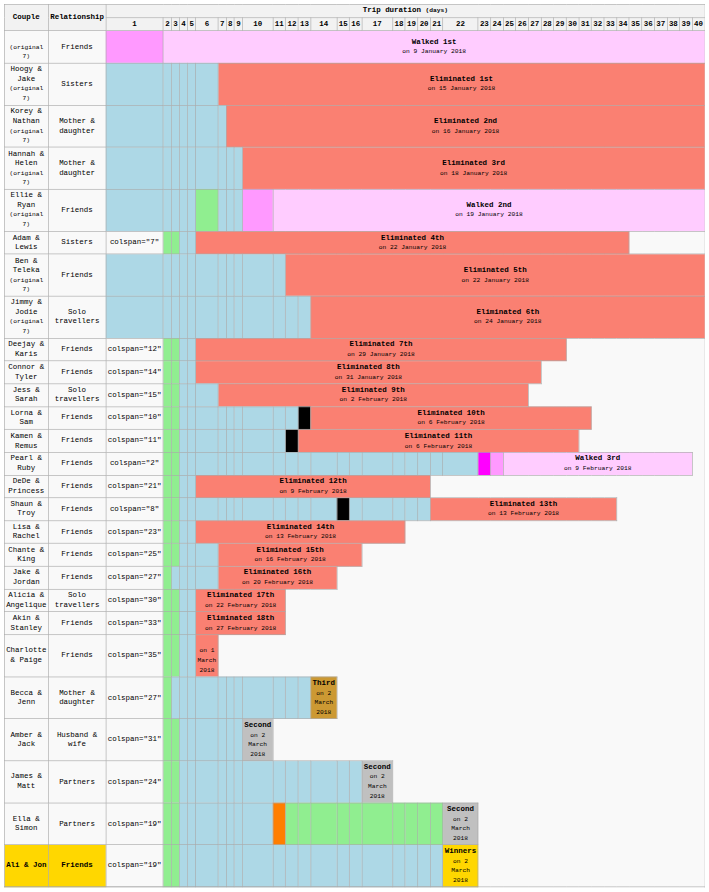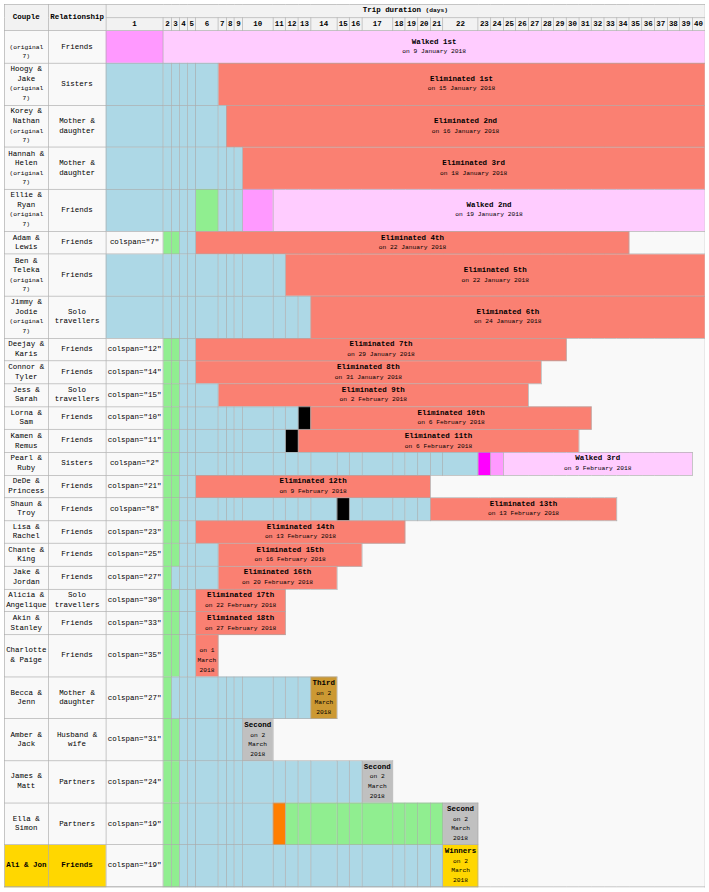 <table class="wikitable" style="text-align:center; width:100%; font-size:90%; line-height:15px;">
 <tr>
 <th rowspan="2">Couple</th>
 <th rowspan="2">Relationship</th>
 <th colspan="40">Trip duration <small>(days)</small></th>
 </tr>
 <tr>
 <th>1</th>
 <th>2</th>
 <th>3</th>
 <th>4</th>
 <th>5</th>
 <th>6</th>
 <th>7</th>
 <th>8</th>
 <th>9</th>
 <th>10</th>
 <th>11</th>
 <th>12</th>
 <th>13</th>
 <th>14</th>
 <th>15</th>
 <th>16</th>
 <th>17</th>
 <th>18</th>
 <th>19</th>
 <th>20</th>
 <th>21</th>
 <th>22</th>
 <th>23</th>
 <th>24</th>
 <th>25</th>
 <th>26</th>
 <th>27</th>
 <th>28</th>
 <th>29</th>
 <th>30</th>
 <th>31</th>
 <th>32</th>
 <th>33</th>
 <th>34</th>
 <th>35</th>
 <th>36</th>
 <th>37</th>
 <th>38</th>
 <th>39</th>
 <th>40</th>
 </tr>
 <tr>
 <td><br><small>(original 7)</small></td>
 <td>Friends</td>
 <td style="background:#ff99ff;"></td>
 <td colspan="39" style="background:#ffccff;"><strong>Walked 1st</strong><br><small>on 9 January 2018</small></td>
 </tr>
 <tr>
 <td>Hoogy & Jake<br><small>(original 7)</small></td>
 <td>Sisters</td>
 <td style="background:lightblue;"></td>
 <td style="background:lightblue;"></td>
 <td style="background:lightblue;"></td>
 <td style="background:lightblue;"></td>
 <td style="background:lightblue;"></td>
 <td style="background:lightblue;"></td>
 <td colspan="34" style="background:salmon;"><strong>Eliminated 1st</strong><br><small>on 15 January 2018</small></td>
 </tr>
 <tr>
 <td>Korey & Nathan<br><small>(original 7)</small></td>
 <td>Mother & daughter</td>
 <td style="background:lightblue;"></td>
 <td style="background:lightblue;"></td>
 <td style="background:lightblue;"></td>
 <td style="background:lightblue;"></td>
 <td style="background:lightblue;"></td>
 <td style="background:lightblue;"></td>
 <td style="background:lightblue;"></td>
 <td colspan="33" style="background:salmon;"><strong>Eliminated 2nd</strong><br><small>on 16 January 2018</small></td>
 </tr>
 <tr>
 <td>Hannah & Helen<br><small>(original 7)</small></td>
 <td>Mother & daughter</td>
 <td style="background:lightblue;"></td>
 <td style="background:lightblue;"></td>
 <td style="background:lightblue;"></td>
 <td style="background:lightblue;"></td>
 <td style="background:lightblue;"></td>
 <td style="background:lightblue;"></td>
 <td style="background:lightblue;"></td>
 <td style="background:lightblue;"></td>
 <td style="background:lightblue;"></td>
 <td colspan="31" style="background:salmon;"><strong>Eliminated 3rd</strong><br><small>on 18 January 2018</small></td>
 </tr>
 <tr>
 <td>Ellie & Ryan<br><small>(original 7)</small></td>
 <td>Friends</td>
 <td style="background:lightblue;"></td>
 <td style="background:lightblue;"></td>
 <td style="background:lightblue;"></td>
 <td style="background:lightblue;"></td>
 <td style="background:lightblue;"></td>
 <td style="background:lightgreen;"></td>
 <td style="background:lightblue;"></td>
 <td style="background:lightblue;"></td>
 <td style="background:lightblue;"></td>
 <td style="background:#ff99ff;"></td>
 <td colspan="30" style="background:#ffccff;"><strong>Walked 2nd</strong><br><small>on 19 January 2018</small></td>
 </tr>
 <tr>
 <td>Adam & Lewis<br><small></small></td>
-<td>Sisters</td>
+<td>Friends</td>
 <td>colspan="7" </td>
 <td style="background:lightgreen;"></td>
 <td style="background:lightgreen;"></td>
 <td style="background:lightblue;"></td>
 <td style="background:lightblue;"></td>
 <td colspan="29" style="background:salmon;"><strong>Eliminated 4th</strong><br><small>on 22 January 2018</small></td>
 </tr>
 <tr>
 <td>Ben & Teleka<br><small>(original 7)</small></td>
 <td>Friends</td>
 <td style="background:lightblue;"></td>
 <td style="background:lightblue;"></td>
 <td style="background:lightblue;"></td>
 <td style="background:lightblue;"></td>
 <td style="background:lightblue;"></td>
 <td style="background:lightblue;"></td>
 <td style="background:lightblue;"></td>
 <td style="background:lightblue;"></td>
 <td style="background:lightblue;"></td>
 <td style="background:lightblue;"></td>
 <td style="background:lightblue;"></td>
 <td colspan="29" style="background:salmon;"><strong>Eliminated 5th</strong><br><small>on 22 January 2018</small></td>
 </tr>
 <tr>
 <td>Jimmy & Jodie<br><small>(original 7)</small></td>
 <td>Solo travellers</td>
 <td style="background:lightblue;"></td>
 <td style="background:lightblue;"></td>
 <td style="background:lightblue;"></td>
 <td style="background:lightblue;"></td>
 <td style="background:lightblue;"></td>
 <td style="background:lightblue;"></td>
 <td style="background:lightblue;"></td>
 <td style="background:lightblue;"></td>
 <td style="background:lightblue;"></td>
 <td style="background:lightblue;"></td>
 <td style="background:lightblue;"></td>
 <td style="background:lightblue;"></td>
 <td style="background:lightblue;"></td>
 <td colspan="27" style="background:salmon;"><strong>Eliminated 6th</strong><br><small>on 24 January 2018</small></td>
 </tr>
 <tr>
 <td>Deejay & Karis<br><small></small></td>
 <td>Friends</td>
 <td>colspan="12" </td>
 <td style="background:lightgreen;"></td>
 <td style="background:lightgreen;"></td>
 <td style="background:lightblue;"></td>
 <td style="background:lightblue;"></td>
 <td colspan="24" style="background:salmon;"><strong>Eliminated 7th</strong><br><small>on 29 January 2018</small></td>
 </tr>
 <tr>
 <td>Connor & Tyler<br><small></small></td>
 <td>Friends</td>
 <td>colspan="14" </td>
 <td style="background:lightgreen;"></td>
 <td style="background:lightgreen;"></td>
 <td style="background:lightblue;"></td>
 <td style="background:lightblue;"></td>
 <td colspan="22" style="background:salmon;"><strong>Eliminated 8th</strong><br><small>on 31 January 2018</small></td>
 </tr>
 <tr>
 <td>Jess & Sarah<br><small></small></td>
 <td>Solo travellers</td>
 <td>colspan="15" </td>
 <td style="background:lightgreen;"></td>
 <td style="background:lightgreen;"></td>
 <td style="background:lightblue;"></td>
 <td style="background:lightblue;"></td>
 <td style="background:lightblue;"></td>
 <td colspan="20" style="background:salmon;"><strong>Eliminated 9th</strong><br><small>on 2 February 2018</small></td>
 </tr>
 <tr>
 <td>Lorna & Sam<br><small></small></td>
 <td>Friends</td>
 <td>colspan="10" </td>
 <td style="background:lightgreen;"></td>
 <td style="background:lightgreen;"></td>
 <td style="background:lightblue;"></td>
 <td style="background:lightblue;"></td>
 <td style="background:lightblue;"></td>
 <td style="background:lightblue;"></td>
 <td style="background:lightblue;"></td>
 <td style="background:lightblue;"></td>
 <td style="background:lightblue;"></td>
 <td style="background:lightblue;"></td>
 <td style="background:lightblue;"></td>
 <td style="background:black;"></td>
 <td colspan="18" style="background:salmon;"><strong>Eliminated 10th</strong><br><small>on 6 February 2018</small></td>
 </tr>
 <tr>
 <td>Kamen & Remus<br><small></small></td>
 <td>Friends</td>
 <td>colspan="11" </td>
 <td style="background:lightgreen;"></td>
 <td style="background:lightgreen;"></td>
 <td style="background:lightblue;"></td>
 <td style="background:lightblue;"></td>
 <td style="background:lightblue;"></td>
 <td style="background:lightblue;"></td>
 <td style="background:lightblue;"></td>
 <td style="background:lightblue;"></td>
 <td style="background:lightblue;"></td>
 <td style="background:lightblue;"></td>
 <td style="background:black;"></td>
 <td colspan="18" style="background:salmon;"><strong>Eliminated 11th</strong><br><small>on 6 February 2018</small></td>
 </tr>
 <tr>
 <td>Pearl & Ruby<br><small></small></td>
-<td>Friends</td>
+<td>Sisters</td>
 <td>colspan="2" </td>
 <td style="background:lightgreen;"></td>
 <td style="background:lightgreen;"></td>
 <td style="background:lightblue;"></td>
 <td style="background:lightblue;"></td>
 <td style="background:lightblue;"></td>
 <td style="background:lightblue;"></td>
 <td style="background:lightblue;"></td>
 <td style="background:lightblue;"></td>
 <td style="background:lightblue;"></td>
 <td style="background:lightblue;"></td>
 <td style="background:lightblue;"></td>
 <td style="background:lightblue;"></td>
 <td style="background:lightblue;"></td>
 <td style="background:lightblue;"></td>
 <td style="background:lightblue;"></td>
 <td style="background:lightblue;"></td>
 <td style="background:lightblue;"></td>
 <td style="background:lightblue;"></td>
 <td style="background:lightblue;"></td>
 <td style="background:lightblue;"></td>
 <td style="background:lightblue;"></td>
 <td style="background:#ff00ff;"></td>
 <td style="background:#ff99ff;"></td>
 <td colspan="15" style="background:#ffccff;"><strong>Walked 3rd</strong><br><small>on 9 February 2018</small></td>
 </tr>
 <tr>
 <td>DeDe & Princess<br><small></small></td>
 <td>Friends</td>
 <td>colspan="21" </td>
 <td style="background:lightgreen;"></td>
 <td style="background:lightgreen;"></td>
 <td style="background:lightblue;"></td>
 <td style="background:lightblue;"></td>
 <td colspan="15" style="background:salmon;"><strong>Eliminated 12th</strong><br><small>on 9 February 2018</small></td>
 </tr>
 <tr>
 <td>Shaun & Troy<br><small></small></td>
 <td>Friends</td>
 <td>colspan="8" </td>
 <td style="background:lightgreen;"></td>
 <td style="background:lightgreen;"></td>
 <td style="background:lightblue;"></td>
 <td style="background:lightblue;"></td>
 <td style="background:lightblue;"></td>
 <td style="background:lightblue;"></td>
 <td style="background:lightblue;"></td>
 <td style="background:lightblue;"></td>
 <td style="background:lightblue;"></td>
 <td style="background:lightblue;"></td>
 <td style="background:lightblue;"></td>
 <td style="background:lightblue;"></td>
 <td style="background:lightblue;"></td>
 <td style="background:black;"></td>
 <td style="background:lightblue;"></td>
 <td style="background:lightblue;"></td>
 <td style="background:lightblue;"></td>
 <td style="background:lightblue;"></td>
 <td style="background:lightblue;"></td>
 <td colspan="13" style="background:salmon;"><strong>Eliminated 13th</strong><br><small>on 13 February 2018</small></td>
 </tr>
 <tr>
 <td>Lisa & Rachel<br><small></small></td>
 <td>Friends</td>
 <td>colspan="23" </td>
 <td style="background:lightgreen;"></td>
 <td style="background:lightgreen;"></td>
 <td style="background:lightblue;"></td>
 <td style="background:lightblue;"></td>
 <td colspan="13" style="background:salmon;"><strong>Eliminated 14th</strong><br><small>on 13 February 2018</small></td>
 </tr>
 <tr>
 <td>Chante & King<br><small></small></td>
 <td>Friends</td>
 <td>colspan="25" </td>
 <td style="background:lightgreen;"></td>
 <td style="background:lightgreen;"></td>
 <td style="background:lightblue;"></td>
 <td style="background:lightblue;"></td>
 <td style="background:lightblue;"></td>
 <td colspan="10" style="background:salmon;"><strong>Eliminated 15th</strong><br><small>on 16 February 2018</small></td>
 </tr>
 <tr>
 <td>Jake & Jordan<br><small></small></td>
 <td>Friends</td>
 <td>colspan="27" </td>
 <td style="background:lightgreen;"></td>
 <td style="background:lightblue;"></td>
 <td style="background:lightblue;"></td>
 <td style="background:lightblue;"></td>
 <td style="background:lightblue;"></td>
 <td colspan="8" style="background:salmon;"><strong>Eliminated 16th</strong><br><small>on 20 February 2018</small></td>
 </tr>
 <tr>
 <td>Alicia & Angelique<br><small></small></td>
 <td>Solo travellers</td>
 <td>colspan="30" </td>
 <td style="background:lightgreen;"></td>
 <td style="background:lightgreen;"></td>
 <td style="background:lightblue;"></td>
 <td style="background:lightblue;"></td>
 <td colspan="6" style="background:salmon;"><strong>Eliminated 17th</strong><br><small>on 22 February 2018</small></td>
 </tr>
 <tr>
 <td>Akin & Stanley<br><small></small></td>
 <td>Friends</td>
 <td>colspan="33" </td>
 <td style="background:lightgreen;"></td>
 <td style="background:lightgreen;"></td>
 <td style="background:lightblue;"></td>
 <td style="background:lightblue;"></td>
 <td colspan="6" style="background:salmon;"><strong>Eliminated 18th</strong><br><small>on 27 February 2018</small></td>
 </tr>
 <tr>
 <td>Charlotte & Paige<br><small></small></td>
 <td>Friends</td>
 <td>colspan="35" </td>
 <td style="background:lightgreen;"></td>
 <td style="background:lightgreen;"></td>
 <td style="background:lightblue;"></td>
 <td style="background:lightblue;"></td>
 <td colspan="1" style="background:salmon;"><strong></strong><br><small>on 1 March 2018</small></td>
 </tr>
 <tr>
 <td>Becca & Jenn<br><small></small></td>
 <td>Mother & daughter</td>
 <td>colspan="27" </td>
 <td style="background:lightgreen;"></td>
 <td style="background:lightblue;"></td>
 <td style="background:lightblue;"></td>
 <td style="background:lightblue;"></td>
 <td style="background:lightblue;"></td>
 <td style="background:lightblue;"></td>
 <td style="background:lightblue;"></td>
 <td style="background:lightblue;"></td>
 <td style="background:lightblue;"></td>
 <td style="background:lightblue;"></td>
 <td style="background:lightblue;"></td>
 <td style="background:lightblue;"></td>
 <td style="background:#cc9933;"><strong>Third</strong><br><small>on 2 March 2018</small></td>
 </tr>
 <tr>
 <td>Amber & Jack<br><small></small></td>
 <td>Husband & wife</td>
 <td>colspan="31" </td>
 <td style="background:lightgreen;"></td>
 <td style="background:lightgreen;"></td>
 <td style="background:lightblue;"></td>
 <td style="background:lightblue;"></td>
 <td style="background:lightblue;"></td>
 <td style="background:lightblue;"></td>
 <td style="background:lightblue;"></td>
 <td style="background:lightblue;"></td>
 <td style="background:silver;"><strong>Second</strong><br><small>on 2 March 2018</small></td>
 </tr>
 <tr>
 <td>James & Matt<br><small></small></td>
 <td>Partners</td>
 <td>colspan="24" </td>
 <td style="background:lightgreen;"></td>
 <td style="background:lightgreen;"></td>
 <td style="background:lightblue;"></td>
 <td style="background:lightblue;"></td>
 <td style="background:lightblue;"></td>
 <td style="background:lightblue;"></td>
 <td style="background:lightblue;"></td>
 <td style="background:lightblue;"></td>
 <td style="background:lightblue;"></td>
 <td style="background:lightblue;"></td>
 <td style="background:lightblue;"></td>
 <td style="background:lightblue;"></td>
 <td style="background:lightblue;"></td>
 <td style="background:lightblue;"></td>
 <td style="background:lightblue;"></td>
 <td style="background:silver;"><strong>Second</strong><br><small>on 2 March 2018</small></td>
 </tr>
 <tr>
 <td>Ella & Simon<br><small></small></td>
 <td>Partners</td>
 <td>colspan="19" </td>
 <td style="background:lightgreen;"></td>
 <td style="background:lightgreen;"></td>
 <td style="background:lightblue;"></td>
 <td style="background:lightblue;"></td>
 <td style="background:lightblue;"></td>
 <td style="background:lightblue;"></td>
 <td style="background:lightblue;"></td>
 <td style="background:lightblue;"></td>
 <td style="background:lightblue;"></td>
 <td style="background:#ff7e00;"></td>
 <td style="background:lightgreen;"></td>
 <td style="background:lightgreen;"></td>
 <td style="background:lightgreen;"></td>
 <td style="background:lightgreen;"></td>
 <td style="background:lightgreen;"></td>
 <td style="background:lightgreen;"></td>
 <td style="background:lightgreen;"></td>
 <td style="background:lightgreen;"></td>
 <td style="background:lightgreen;"></td>
 <td style="background:lightgreen;"></td>
 <td style="background:silver;"><strong>Second</strong><br><small>on 2 March 2018</small></td>
 </tr>
 <tr>
 <td style="background:gold;"><strong>Ali & Jon</strong><br><small><strong></strong></small></td>
 <td style="background:gold;"><strong>Friends</strong></td>
 <td>colspan="19" </td>
 <td style="background:lightgreen;"></td>
 <td style="background:lightgreen;"></td>
 <td style="background:lightblue;"></td>
 <td style="background:lightblue;"></td>
 <td style="background:lightblue;"></td>
 <td style="background:lightblue;"></td>
 <td style="background:lightblue;"></td>
 <td style="background:lightblue;"></td>
 <td style="background:lightblue;"></td>
 <td style="background:lightblue;"></td>
 <td style="background:lightblue;"></td>
 <td style="background:lightblue;"></td>
 <td style="background:lightblue;"></td>
 <td style="background:lightblue;"></td>
 <td style="background:lightblue;"></td>
 <td style="background:lightblue;"></td>
 <td style="background:lightblue;"></td>
 <td style="background:lightblue;"></td>
 <td style="background:lightblue;"></td>
 <td style="background:lightblue;"></td>
 <td style="background:gold;"><strong>Winners</strong><br><small>on 2 March 2018</small></td>
 </tr>
 <tr>
 </tr>
 </table>
